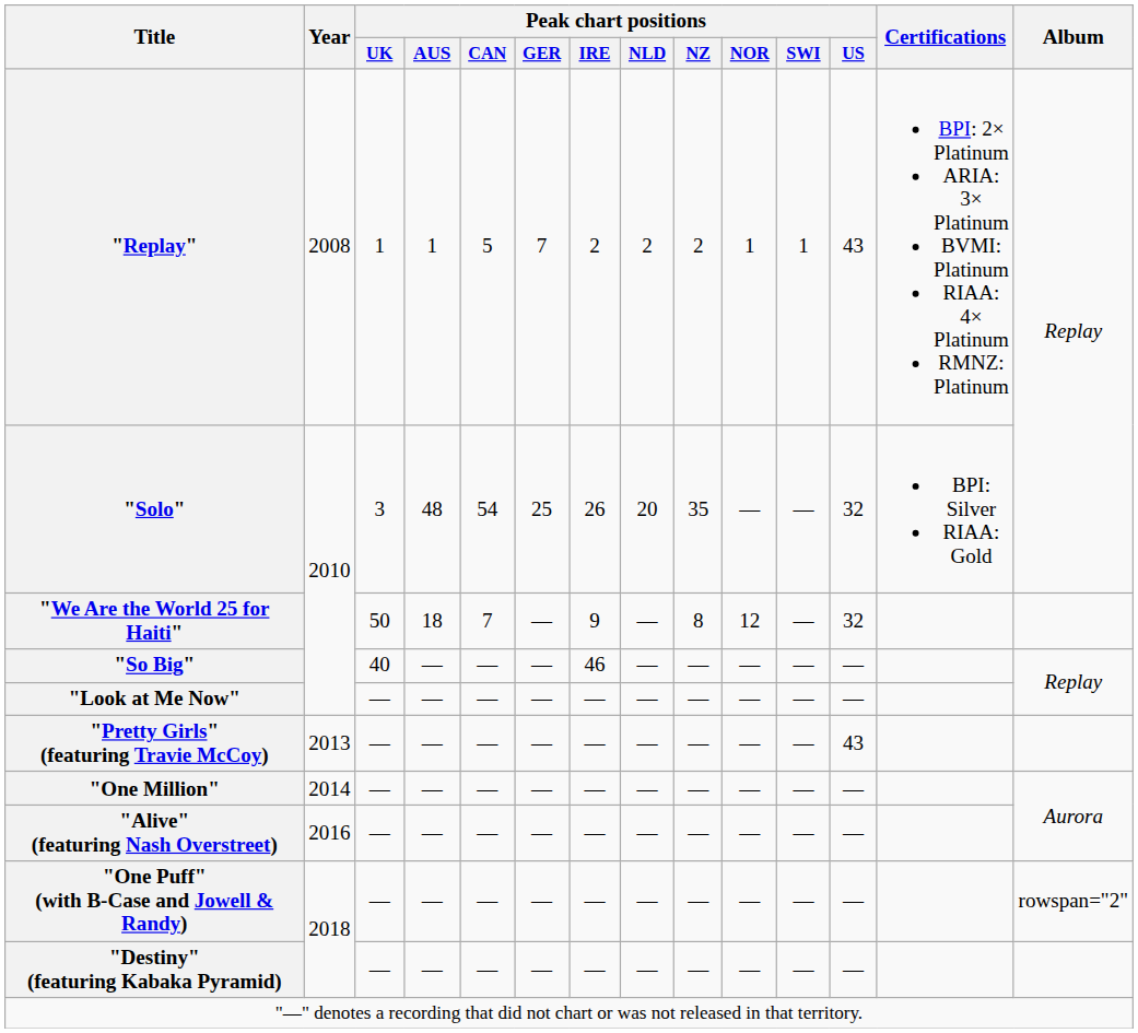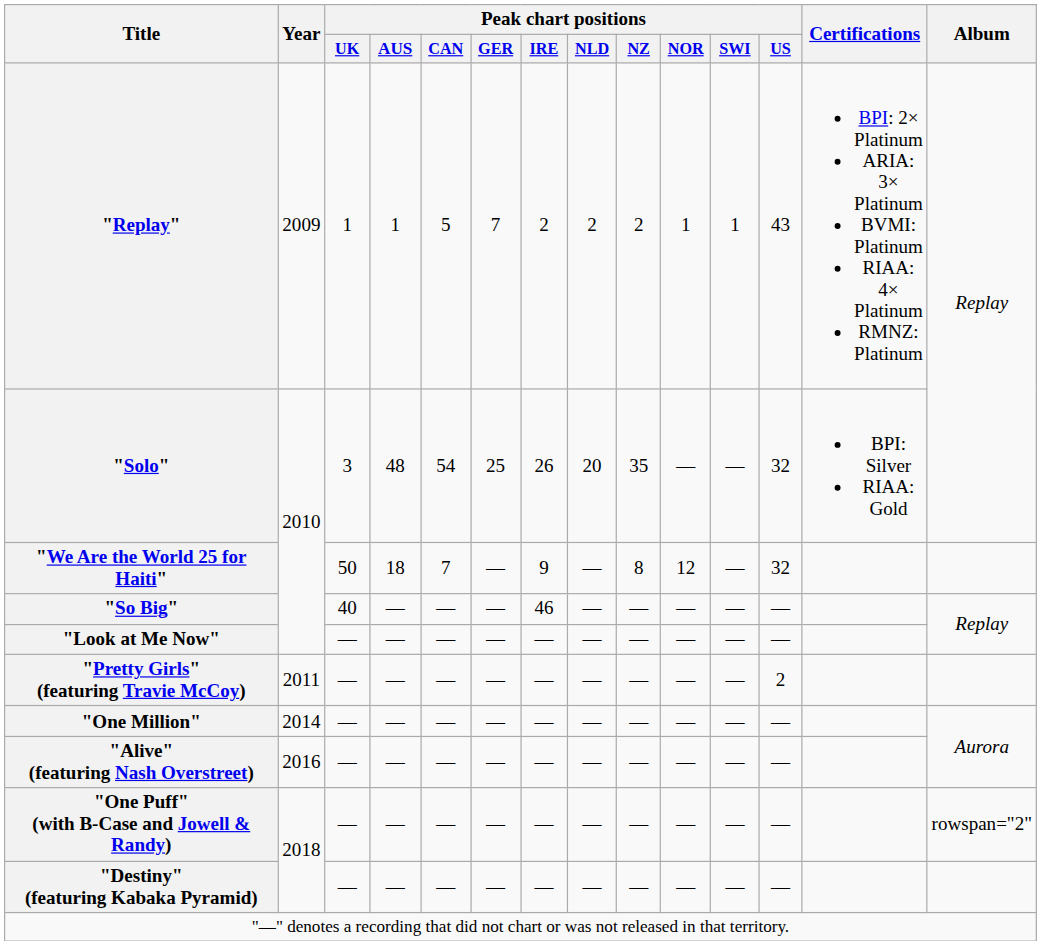 <table class="wikitable plainrowheaders" style="text-align:center;">
 <tr>
 <th scope="col" rowspan="2" style="width:22em;">Title</th>
 <th scope="col" rowspan="2" style="width:1em;">Year</th>
 <th scope="col" colspan="10">Peak chart positions</th>
 <th scope="col" rowspan="2"><a href='#'>Certifications</a></th>
 <th scope="col" rowspan="2">Album</th>
 </tr>
 <tr>
 <th scope="col" style="width:3em;font-size:85%;"><a href='#'>UK</a><br></th>
 <th scope="col" style="width:3em;font-size:90%;"><a href='#'>AUS</a><br></th>
 <th scope="col" style="width:3em;font-size:85%;"><a href='#'>CAN</a><br></th>
 <th scope="col" style="width:3em;font-size:85%;"><a href='#'>GER</a><br></th>
 <th scope="col" style="width:3em;font-size:85%;"><a href='#'>IRE</a></th>
 <th scope="col" style="width:3em;font-size:85%;"><a href='#'>NLD</a><br></th>
 <th scope="col" style="width:3em;font-size:85%;"><a href='#'>NZ</a></th>
 <th scope="col" style="width:3em;font-size:85%;"><a href='#'>NOR</a></th>
 <th scope="col" style="width:3em;font-size:85%;"><a href='#'>SWI</a></th>
 <th scope="col" style="width:3em;font-size:85%;"><a href='#'>US</a><br></th>
 </tr>
 <tr>
 <th scope="row">"<a href='#'>Replay</a>"</th>
-<td>2008</td>
+<td>2009</td>
 <td>1</td>
 <td>1</td>
 <td>5</td>
 <td>7</td>
 <td>2</td>
 <td>2</td>
 <td>2</td>
 <td>1</td>
 <td>1</td>
 <td>43</td>
 <td><br><ul><li><a href='#'>BPI</a>: 2× Platinum</li><li>ARIA: 3× Platinum</li><li>BVMI: Platinum</li><li>RIAA: 4× Platinum</li><li>RMNZ: Platinum</li></ul></td>
 <td rowspan="2"><em>Replay</em></td>
 </tr>
 <tr>
 <th scope="row">"<a href='#'>Solo</a>"</th>
 <td rowspan="4">2010</td>
 <td>3</td>
 <td>48</td>
 <td>54</td>
 <td>25</td>
 <td>26</td>
 <td>20</td>
 <td>35</td>
 <td>—</td>
 <td>—</td>
 <td>32</td>
 <td><br><ul><li>BPI: Silver</li><li>RIAA: Gold</li></ul></td>
 </tr>
 <tr>
 <th scope="row">"<a href='#'>We Are the World 25 for Haiti</a>"<br></th>
 <td>50</td>
 <td>18</td>
 <td>7</td>
 <td>—</td>
 <td>9</td>
 <td>—</td>
 <td>8</td>
 <td>12</td>
 <td>—</td>
 <td>32</td>
 <td></td>
 <td></td>
 </tr>
 <tr>
 <th scope="row">"<a href='#'>So Big</a>"</th>
 <td>40</td>
 <td>—</td>
 <td>—</td>
 <td>—</td>
 <td>46</td>
 <td>—</td>
 <td>—</td>
 <td>—</td>
 <td>—</td>
 <td>—</td>
 <td></td>
 <td rowspan="2"><em>Replay</em></td>
 </tr>
 <tr>
 <th scope="row">"Look at Me Now"</th>
 <td>—</td>
 <td>—</td>
 <td>—</td>
 <td>—</td>
 <td>—</td>
 <td>—</td>
 <td>—</td>
 <td>—</td>
 <td>—</td>
 <td>—</td>
 <td></td>
 </tr>
 <tr>
 <th scope="row">"<a href='#'>Pretty Girls</a>"<br><span>(featuring <a href='#'>Travie McCoy</a>)</span></th>
-<td>2013</td>
+<td>2011</td>
 <td>—</td>
 <td>—</td>
 <td>—</td>
 <td>—</td>
 <td>—</td>
 <td>—</td>
 <td>—</td>
 <td>—</td>
 <td>—</td>
-<td>43</td>
+<td>2</td>
 <td></td>
 <td></td>
 </tr>
 <tr>
 <th scope="row">"One Million"</th>
 <td>2014</td>
 <td>—</td>
 <td>—</td>
 <td>—</td>
 <td>—</td>
 <td>—</td>
 <td>—</td>
 <td>—</td>
 <td>—</td>
 <td>—</td>
 <td>—</td>
 <td></td>
 <td rowspan="2"><em>Aurora</em></td>
 </tr>
 <tr>
 <th scope="row">"Alive"<br><span>(featuring <a href='#'>Nash Overstreet</a>)</span></th>
 <td>2016</td>
 <td>—</td>
 <td>—</td>
 <td>—</td>
 <td>—</td>
 <td>—</td>
 <td>—</td>
 <td>—</td>
 <td>—</td>
 <td>—</td>
 <td>—</td>
 <td></td>
 </tr>
 <tr>
 <th scope="row">"One Puff"<br><span>(with B-Case and <a href='#'>Jowell & Randy</a>)</span></th>
 <td rowspan="2">2018</td>
 <td>—</td>
 <td>—</td>
 <td>—</td>
 <td>—</td>
 <td>—</td>
 <td>—</td>
 <td>—</td>
 <td>—</td>
 <td>—</td>
 <td>—</td>
 <td></td>
 <td>rowspan="2" </td>
 </tr>
 <tr>
 <th scope="row">"Destiny"<br><span>(featuring Kabaka Pyramid)</span></th>
 <td>—</td>
 <td>—</td>
 <td>—</td>
 <td>—</td>
 <td>—</td>
 <td>—</td>
 <td>—</td>
 <td>—</td>
 <td>—</td>
 <td>—</td>
 <td></td>
 </tr>
 <tr>
 <td colspan="14" style="font-size:90%">"—" denotes a recording that did not chart or was not released in that territory.</td>
 </tr>
 </table>
